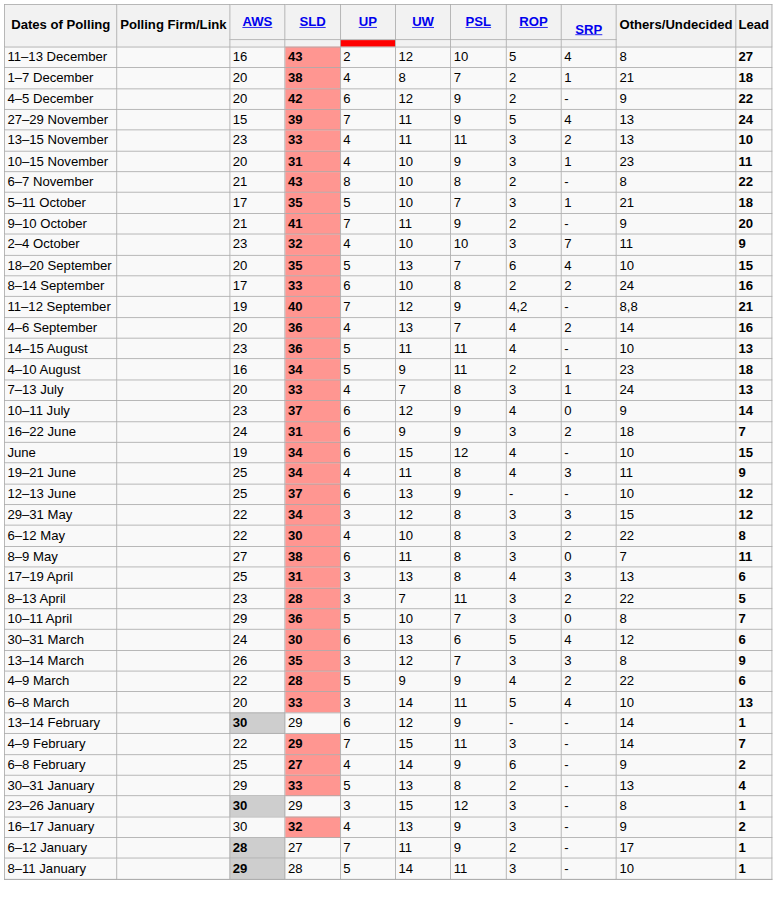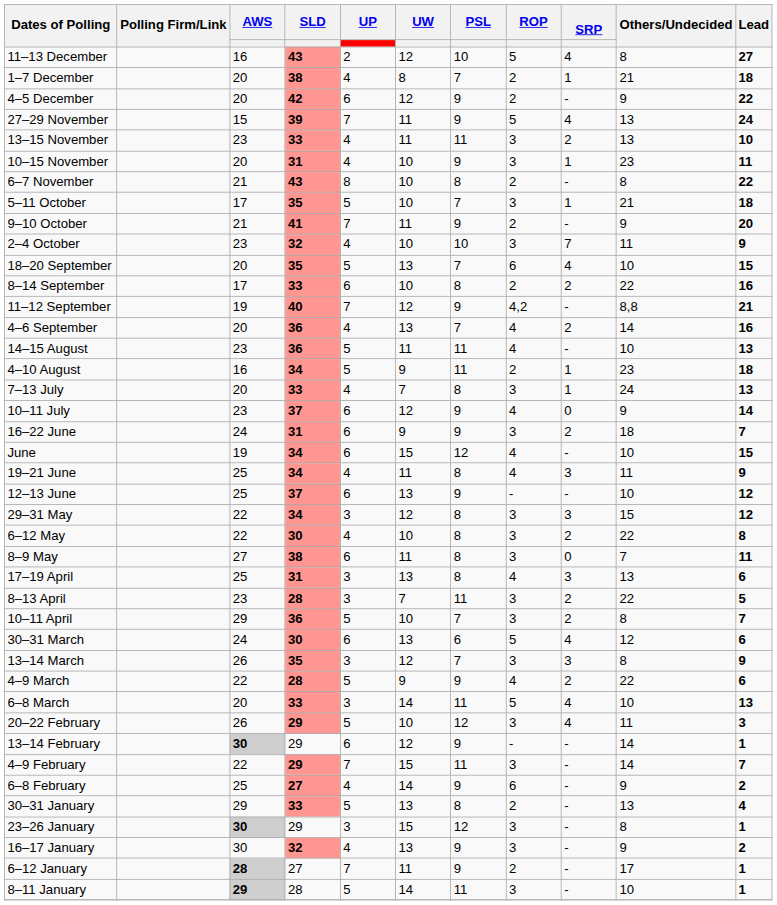 <table class="wikitable sortable collapsible">
 <tr style="height:42px; text-align:center; background-color:#E9E9E9">
 <th rowspan="2" data-sort-type="date" style="width:130px;">Dates of Polling</th>
 <th rowspan="2" style="width:130px;">Polling Firm/Link</th>
 <th style="width:60px;" class="unsortable"><a href='#'><span>AWS</span></a></th>
 <th style="width:60px;" class="unsortable"><a href='#'><span>SLD</span></a></th>
 <th style="width:60px;" class="unsortable"><a href='#'><span>UP</span></a></th>
 <th style="width:60px;" class="unsortable"><a href='#'><span>UW</span></a></th>
 <th style="width:60px;" class="unsortable"><a href='#'><span>PSL</span></a></th>
 <th style="width:60px;" class="unsortable"><a href='#'><span>ROP</span></a></th>
 <th style="width:60px;" class="unsortable"><br><a href='#'><span>SRP</span></a></th>
 <th rowspan="2" data-sort-type="number" style="width:40px;">Others/Undecided</th>
 <th rowspan="2" data-sort-type="number" style="width:30px;">Lead</th>
 </tr>
 <tr>
 <th data-sort-type="number" style="height:1px; background:"></th>
 <th data-sort-type="number" style="height:1px; background:"></th>
 <th data-sort-type="number" style="height:1px; background:Red;"></th>
 <th data-sort-type="number" style="height:1px; background:"></th>
 <th data-sort-type="number" style="height:1px; background:"></th>
 <th data-sort-type="number" style="height:1px; background:"></th>
 <th data-sort-type="number" style="height:1px; background:"></th>
 </tr>
 <tr>
 <td>11–13 December</td>
 <td></td>
 <td>16</td>
 <td style="background:#FF9691"><strong>43</strong></td>
 <td>2</td>
 <td>12</td>
 <td>10</td>
 <td>5</td>
 <td>4</td>
 <td>8</td>
 <td style="background:"><strong>27</strong></td>
 </tr>
 <tr>
 <td>1–7 December</td>
 <td></td>
 <td>20</td>
 <td style="background:#FF9691"><strong>38</strong></td>
 <td>4</td>
 <td>8</td>
 <td>7</td>
 <td>2</td>
 <td>1</td>
 <td>21</td>
 <td style="background:"><strong>18</strong></td>
 </tr>
 <tr>
 <td>4–5 December</td>
 <td></td>
 <td>20</td>
 <td style="background:#FF9691"><strong>42</strong></td>
 <td>6</td>
 <td>12</td>
 <td>9</td>
 <td>2</td>
 <td>-</td>
 <td>9</td>
 <td style="background:"><strong>22</strong></td>
 </tr>
 <tr>
 <td>27–29 November</td>
 <td></td>
 <td>15</td>
 <td style="background:#FF9691"><strong>39</strong></td>
 <td>7</td>
 <td>11</td>
 <td>9</td>
 <td>5</td>
 <td>4</td>
 <td>13</td>
 <td style="background:"><strong>24</strong></td>
 </tr>
 <tr>
 <td>13–15 November</td>
 <td></td>
 <td>23</td>
 <td style="background:#FF9691"><strong>33</strong></td>
 <td>4</td>
 <td>11</td>
 <td>11</td>
 <td>3</td>
 <td>2</td>
 <td>13</td>
 <td style="background:"><strong>10</strong></td>
 </tr>
 <tr>
 <td>10–15 November</td>
 <td></td>
 <td>20</td>
 <td style="background:#FF9691"><strong>31</strong></td>
 <td>4</td>
 <td>10</td>
 <td>9</td>
 <td>3</td>
 <td>1</td>
 <td>23</td>
 <td style="background:"><strong>11</strong></td>
 </tr>
 <tr>
 <td>6–7 November</td>
 <td></td>
 <td>21</td>
 <td style="background:#FF9691"><strong>43</strong></td>
 <td>8</td>
 <td>10</td>
 <td>8</td>
 <td>2</td>
 <td>-</td>
 <td>8</td>
 <td style="background:"><strong>22</strong></td>
 </tr>
 <tr>
 <td>5–11 October</td>
 <td></td>
 <td>17</td>
 <td style="background:#FF9691"><strong>35</strong></td>
 <td>5</td>
 <td>10</td>
 <td>7</td>
 <td>3</td>
 <td>1</td>
 <td>21</td>
 <td style="background:"><strong>18</strong></td>
 </tr>
 <tr>
 <td>9–10 October</td>
 <td></td>
 <td>21</td>
 <td style="background:#FF9691"><strong>41</strong></td>
 <td>7</td>
 <td>11</td>
 <td>9</td>
 <td>2</td>
 <td>-</td>
 <td>9</td>
 <td style="background:"><strong>20</strong></td>
 </tr>
 <tr>
 <td>2–4 October</td>
 <td></td>
 <td>23</td>
 <td style="background:#FF9691"><strong>32</strong></td>
 <td>4</td>
 <td>10</td>
 <td>10</td>
 <td>3</td>
 <td>7</td>
 <td>11</td>
 <td style="background:"><strong>9</strong></td>
 </tr>
 <tr>
 <td>18–20 September</td>
 <td></td>
 <td>20</td>
 <td style="background:#FF9691"><strong>35</strong></td>
 <td>5</td>
 <td>13</td>
 <td>7</td>
 <td>6</td>
 <td>4</td>
 <td>10</td>
 <td style="background:"><strong>15</strong></td>
 </tr>
 <tr>
 <td>8–14 September</td>
 <td></td>
 <td>17</td>
 <td style="background:#FF9691"><strong>33</strong></td>
 <td>6</td>
 <td>10</td>
 <td>8</td>
 <td>2</td>
 <td>2</td>
-<td>24</td>
+<td>22</td>
 <td style="background:"><strong>16</strong></td>
 </tr>
 <tr>
 <td>11–12 September</td>
 <td></td>
 <td>19</td>
 <td style="background:#FF9691"><strong>40</strong></td>
 <td>7</td>
 <td>12</td>
 <td>9</td>
 <td>4,2</td>
 <td>-</td>
 <td>8,8</td>
 <td style="background:"><strong>21</strong></td>
 </tr>
 <tr>
 <td>4–6 September</td>
 <td></td>
 <td>20</td>
 <td style="background:#FF9691"><strong>36</strong></td>
 <td>4</td>
 <td>13</td>
 <td>7</td>
 <td>4</td>
 <td>2</td>
 <td>14</td>
 <td style="background:"><strong>16</strong></td>
 </tr>
 <tr>
 <td>14–15 August</td>
 <td></td>
 <td>23</td>
 <td style="background:#FF9691"><strong>36</strong></td>
 <td>5</td>
 <td>11</td>
 <td>11</td>
 <td>4</td>
 <td>-</td>
 <td>10</td>
 <td style="background:"><strong>13</strong></td>
 </tr>
 <tr>
 <td>4–10 August</td>
 <td></td>
 <td>16</td>
 <td style="background:#FF9691"><strong>34</strong></td>
 <td>5</td>
 <td>9</td>
 <td>11</td>
 <td>2</td>
 <td>1</td>
 <td>23</td>
 <td style="background:"><strong>18</strong></td>
 </tr>
 <tr>
 <td>7–13 July</td>
 <td></td>
 <td>20</td>
 <td style="background:#FF9691"><strong>33</strong></td>
 <td>4</td>
 <td>7</td>
 <td>8</td>
 <td>3</td>
 <td>1</td>
 <td>24</td>
 <td style="background:"><strong>13</strong></td>
 </tr>
 <tr>
 <td>10–11 July</td>
 <td></td>
 <td>23</td>
 <td style="background:#FF9691"><strong>37</strong></td>
 <td>6</td>
 <td>12</td>
 <td>9</td>
 <td>4</td>
 <td>0</td>
 <td>9</td>
 <td style="background:"><strong>14</strong></td>
 </tr>
 <tr>
 <td>16–22 June</td>
 <td></td>
 <td>24</td>
 <td style="background:#FF9691"><strong>31</strong></td>
 <td>6</td>
 <td>9</td>
 <td>9</td>
 <td>3</td>
 <td>2</td>
 <td>18</td>
 <td style="background:"><strong>7</strong></td>
 </tr>
 <tr>
 <td>June</td>
 <td></td>
 <td>19</td>
 <td style="background:#FF9691"><strong>34</strong></td>
 <td>6</td>
 <td>15</td>
 <td>12</td>
 <td>4</td>
 <td>-</td>
 <td>10</td>
 <td style="background:"><strong>15</strong></td>
 </tr>
 <tr>
 <td>19–21 June</td>
 <td></td>
 <td>25</td>
 <td style="background:#FF9691"><strong>34</strong></td>
 <td>4</td>
 <td>11</td>
 <td>8</td>
 <td>4</td>
 <td>3</td>
 <td>11</td>
 <td style="background:"><strong>9</strong></td>
 </tr>
 <tr>
 <td>12–13 June</td>
 <td></td>
 <td>25</td>
 <td style="background:#FF9691"><strong>37</strong></td>
 <td>6</td>
 <td>13</td>
 <td>9</td>
 <td>-</td>
 <td>-</td>
 <td>10</td>
 <td style="background:"><strong>12</strong></td>
 </tr>
 <tr>
 <td>29–31 May</td>
 <td></td>
 <td>22</td>
 <td style="background:#FF9691"><strong>34</strong></td>
 <td>3</td>
 <td>12</td>
 <td>8</td>
 <td>3</td>
 <td>3</td>
 <td>15</td>
 <td style="background:"><strong>12</strong></td>
 </tr>
 <tr>
 <td>6–12 May</td>
 <td></td>
 <td>22</td>
 <td style="background:#FF9691"><strong>30</strong></td>
 <td>4</td>
 <td>10</td>
 <td>8</td>
 <td>3</td>
 <td>2</td>
 <td>22</td>
 <td style="background:"><strong>8</strong></td>
 </tr>
 <tr>
 <td>8–9 May</td>
 <td></td>
 <td>27</td>
 <td style="background:#FF9691"><strong>38</strong></td>
 <td>6</td>
 <td>11</td>
 <td>8</td>
 <td>3</td>
 <td>0</td>
 <td>7</td>
 <td style="background:"><strong>11</strong></td>
 </tr>
 <tr>
 <td>17–19 April</td>
 <td></td>
 <td>25</td>
 <td style="background:#FF9691"><strong>31</strong></td>
 <td>3</td>
 <td>13</td>
 <td>8</td>
 <td>4</td>
 <td>3</td>
 <td>13</td>
 <td style="background:"><strong>6</strong></td>
 </tr>
 <tr>
 <td>8–13 April</td>
 <td></td>
 <td>23</td>
 <td style="background:#FF9691"><strong>28</strong></td>
 <td>3</td>
 <td>7</td>
 <td>11</td>
 <td>3</td>
 <td>2</td>
 <td>22</td>
 <td style="background:"><strong>5</strong></td>
 </tr>
 <tr>
 <td>10–11 April</td>
 <td></td>
 <td>29</td>
 <td style="background:#FF9691"><strong>36</strong></td>
 <td>5</td>
 <td>10</td>
 <td>7</td>
 <td>3</td>
-<td>0</td>
+<td>2</td>
 <td>8</td>
 <td style="background:"><strong>7</strong></td>
 </tr>
 <tr>
 <td>30–31 March</td>
 <td></td>
 <td>24</td>
 <td style="background:#FF9691"><strong>30</strong></td>
 <td>6</td>
 <td>13</td>
 <td>6</td>
 <td>5</td>
 <td>4</td>
 <td>12</td>
 <td style="background:"><strong>6</strong></td>
 </tr>
 <tr>
 <td>13–14 March</td>
 <td></td>
 <td>26</td>
 <td style="background:#FF9691"><strong>35</strong></td>
 <td>3</td>
 <td>12</td>
 <td>7</td>
 <td>3</td>
 <td>3</td>
 <td>8</td>
 <td style="background:"><strong>9</strong></td>
 </tr>
 <tr>
 <td>4–9 March</td>
 <td></td>
 <td>22</td>
 <td style="background:#FF9691"><strong>28</strong></td>
 <td>5</td>
 <td>9</td>
 <td>9</td>
 <td>4</td>
 <td>2</td>
 <td>22</td>
 <td style="background:"><strong>6</strong></td>
 </tr>
 <tr>
 <td>6–8 March</td>
 <td></td>
 <td>20</td>
 <td style="background:#FF9691"><strong>33</strong></td>
 <td>3</td>
 <td>14</td>
 <td>11</td>
 <td>5</td>
 <td>4</td>
 <td>10</td>
 <td style="background:"><strong>13</strong></td>
+</tr>
+<tr>
+<td>20–22 February</td>
+<td></td>
+<td>26</td>
+<td style="background:#FF9691"><strong>29</strong></td>
+<td>5</td>
+<td>10</td>
+<td>12</td>
+<td>3</td>
+<td>4</td>
+<td>11</td>
+<td style="background:"><strong>3</strong></td>
 </tr>
 <tr>
 <td>13–14 February</td>
 <td></td>
 <td style="background:#CECECE"><strong>30</strong></td>
 <td>29</td>
 <td>6</td>
 <td>12</td>
 <td>9</td>
 <td>-</td>
 <td>-</td>
 <td>14</td>
 <td style="background:"><strong>1</strong></td>
 </tr>
 <tr>
 <td>4–9 February</td>
 <td></td>
 <td>22</td>
 <td style="background:#FF9691"><strong>29</strong></td>
 <td>7</td>
 <td>15</td>
 <td>11</td>
 <td>3</td>
 <td>-</td>
 <td>14</td>
 <td style="background:"><strong>7</strong></td>
 </tr>
 <tr>
 <td>6–8 February</td>
 <td></td>
 <td>25</td>
 <td style="background:#FF9691"><strong>27</strong></td>
 <td>4</td>
 <td>14</td>
 <td>9</td>
 <td>6</td>
 <td>-</td>
 <td>9</td>
 <td style="background:"><strong>2</strong></td>
 </tr>
 <tr>
 <td>30–31 January</td>
 <td></td>
 <td>29</td>
 <td style="background:#FF9691"><strong>33</strong></td>
 <td>5</td>
 <td>13</td>
 <td>8</td>
 <td>2</td>
 <td>-</td>
 <td>13</td>
 <td style="background:"><strong>4</strong></td>
 </tr>
 <tr>
 <td>23–26 January</td>
 <td></td>
 <td style="background:#CECECE"><strong>30</strong></td>
 <td>29</td>
 <td>3</td>
 <td>15</td>
 <td>12</td>
 <td>3</td>
 <td>-</td>
 <td>8</td>
 <td style="background:"><strong>1</strong></td>
 </tr>
 <tr>
 <td>16–17 January</td>
 <td></td>
 <td>30</td>
 <td style="background:#FF9691"><strong>32</strong></td>
 <td>4</td>
 <td>13</td>
 <td>9</td>
 <td>3</td>
 <td>-</td>
 <td>9</td>
 <td style="background:"><strong>2</strong></td>
 </tr>
 <tr>
 <td>6–12 January</td>
 <td></td>
 <td style="background:#CECECE"><strong>28</strong></td>
 <td>27</td>
 <td>7</td>
 <td>11</td>
 <td>9</td>
 <td>2</td>
 <td>-</td>
 <td>17</td>
 <td style="background:"><strong>1</strong></td>
 </tr>
 <tr>
 <td>8–11 January</td>
 <td></td>
 <td style="background:#CECECE"><strong>29</strong></td>
 <td>28</td>
 <td>5</td>
 <td>14</td>
 <td>11</td>
 <td>3</td>
 <td>-</td>
 <td>10</td>
 <td style="background:"><strong>1</strong></td>
 </tr>
 <tr>
 </tr>
 </table>
